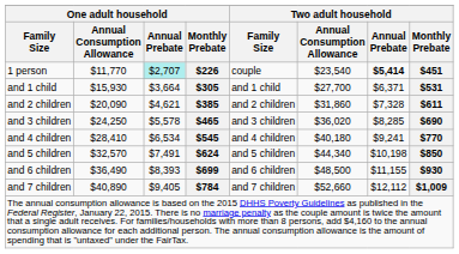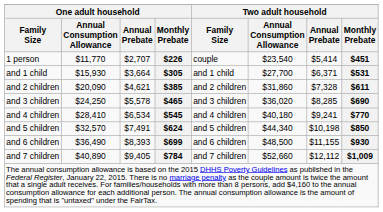 <table class="wikitable" align="right" style="margin:0 0 1em 1em; font-size: 80%;">
 <tr>
 </tr>
 <tr>
 <th colspan=4 align="center">One adult household</th>
 <th colspan=4 align="center">Two adult household</th>
 </tr>
 <tr>
 <th>Family <br>Size</th>
 <th>Annual <br>Consumption <br>Allowance</th>
 <th>Annual <br>Prebate</th>
 <th>Monthly <br>Prebate</th>
 <th>Family <br>Size</th>
 <th>Annual <br>Consumption <br>Allowance</th>
 <th>Annual <br>Prebate</th>
 <th>Monthly <br>Prebate</th>
 </tr>
 <tr>
 <td>1 person</td>
 <td align=center>$11,770</td>
-<td align=center style="background: paleturquoise;">$2,707</td>
+<td align=center>$2,707</td>
 <th align=center>$226</th>
 <td>couple</td>
 <td align=center>$23,540</td>
-<td align=center><strong>$5,414</strong></td>
+<td align=center>$5,414</td>
 <th align=center>$451</th>
 </tr>
 <tr>
 <td>and 1 child</td>
 <td align=center>$15,930</td>
 <td align=center>$3,664</td>
 <th align=center>$305</th>
 <td>and 1 child</td>
 <td align=center>$27,700</td>
 <td align=center>$6,371</td>
 <th align=center>$531</th>
 </tr>
 <tr>
 <td>and 2 children</td>
 <td align=center>$20,090</td>
 <td align=center>$4,621</td>
 <th align=center>$385</th>
 <td>and 2 children</td>
 <td align=center>$31,860</td>
 <td align=center>$7,328</td>
 <th align=center>$611</th>
 </tr>
 <tr>
 <td>and 3 children</td>
 <td align=center>$24,250</td>
 <td align=center>$5,578</td>
 <th align=center>$465</th>
 <td>and 3 children</td>
 <td align=center>$36,020</td>
 <td align=center>$8,285</td>
 <th align=center>$690</th>
 </tr>
 <tr>
 <td>and 4 children</td>
 <td align=center>$28,410</td>
 <td align=center>$6,534</td>
 <th align=center>$545</th>
 <td>and 4 children</td>
 <td align=center>$40,180</td>
 <td align=center>$9,241</td>
 <th align=center>$770</th>
 </tr>
 <tr>
 <td>and 5 children</td>
 <td align=center>$32,570</td>
 <td align=center>$7,491</td>
 <th align=center>$624</th>
 <td>and 5 children</td>
 <td align=center>$44,340</td>
 <td align=center>$10,198</td>
 <th align=center>$850</th>
 </tr>
 <tr>
 <td>and 6 children</td>
 <td align=center>$36,490</td>
 <td align=center>$8,393</td>
 <th align=center>$699</th>
 <td>and 6 children</td>
 <td align=center>$48,500</td>
 <td align=center>$11,155</td>
 <th align=center>$930</th>
 </tr>
 <tr>
 <td>and 7 children</td>
 <td align=center>$40,890</td>
 <td align=center>$9,405</td>
 <th align=center>$784</th>
 <td>and 7 children</td>
 <td align=center>$52,660</td>
 <td align=center>$12,112</td>
 <th align=center>$1,009</th>
 </tr>
 <tr>
 <td colspan=8 style="font-size: 90%; width: 250px;">The annual consumption allowance is based on the 2015 <a href='#'>DHHS Poverty Guidelines</a> as published in the <em>Federal Register</em>, January 22, 2015. There is no <a href='#'>marriage penalty</a> as the couple amount is twice the amount that a single adult receives.  For families/households with more than 8 persons, add $4,160 to the annual consumption allowance for each additional person.  The annual consumption allowance is the amount of spending that is "untaxed" under the FairTax.</td>
 </tr>
 </table>
